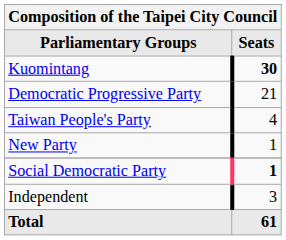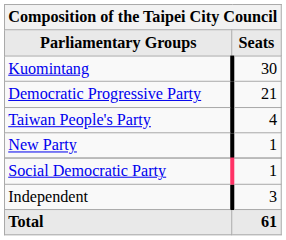 <table class="wikitable">
 <tr>
 <th colspan="2">Composition of the Taipei City Council</th>
 </tr>
 <tr>
 <th style="background-color:#E9E9E9" align=left>Parliamentary Groups</th>
 <th style="background-color:#E9E9E9" align=right>Seats</th>
 </tr>
 <tr>
 <td style="border-right:4px solid "><a href='#'>Kuomintang</a></td>
-<td align="right"><strong>30</strong></td>
+<td align="right">30</td>
 </tr>
 <tr>
 <td style="border-right:4px solid "><a href='#'>Democratic Progressive Party</a></td>
 <td align="right">21</td>
 </tr>
 <tr>
 <td style="border-right:4px solid "><a href='#'>Taiwan People's Party</a></td>
 <td align="right">4</td>
 </tr>
 <tr>
 <td style="border-right:4px solid "><a href='#'>New Party</a></td>
 <td align="right">1</td>
 </tr>
 <tr>
 </tr>
 <tr>
 <td style="border-right:4px solid #FF3366;"><a href='#'>Social Democratic Party</a></td>
-<td align="right"><strong>1</strong></td>
+<td align="right">1</td>
 </tr>
 <tr>
 <td style="border-right:4px solid ">Independent</td>
 <td align="right">3</td>
 </tr>
 <tr>
 <td align=left style="background-color:#E9E9E9" align=left><strong>Total</strong></td>
 <td style="background-color:#E9E9E9" align=right><strong>61</strong></td>
 </tr>
 </table>
